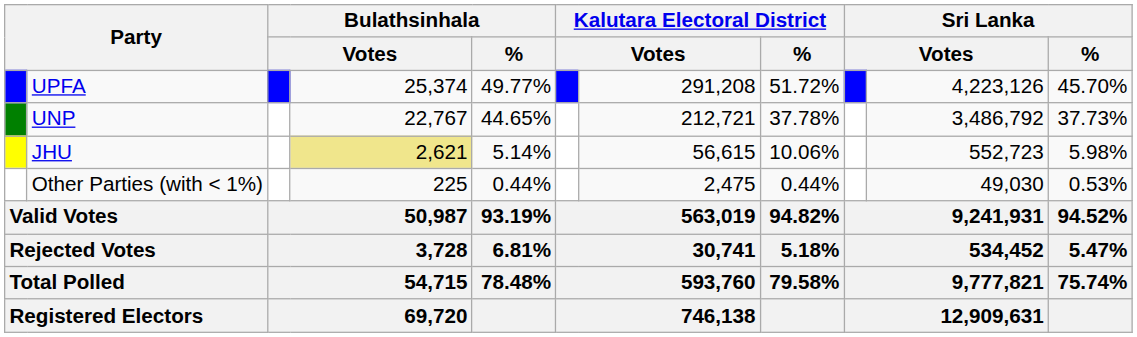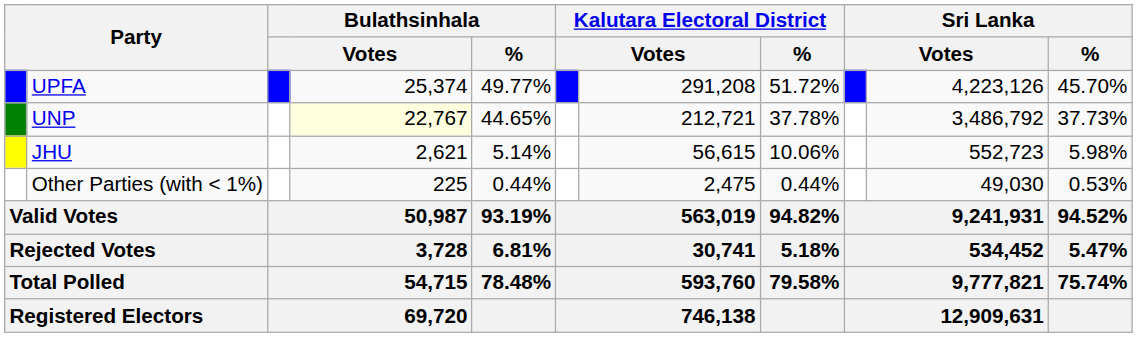 <table class="wikitable">
 <tr>
 <th colspan="2" width="144px"rowspan="2">Party</th>
 <th colspan="3" width="216px">Bulathsinhala</th>
 <th colspan="3" width="216px"><a href='#'>Kalutara Electoral District</a></th>
 <th colspan="3" width="216px">Sri Lanka</th>
 </tr>
 <tr>
 <th colspan="2" width="144px">Votes</th>
 <th>%</th>
 <th colspan="2" width="144px">Votes</th>
 <th>%</th>
 <th colspan="2" width="144px">Votes</th>
 <th>%</th>
 </tr>
 <tr>
 <td style="background-color:blue;" width="10px"></td>
 <td style="text-align:left;"><a href='#'>UPFA</a></td>
 <td style="background-color:blue;" width="10px"></td>
 <td style="text-align:right;">25,374</td>
 <td style="text-align:right;">49.77%</td>
 <td style="background-color:blue;" width="10px"></td>
 <td style="text-align:right;">291,208</td>
 <td style="text-align:right;">51.72%</td>
 <td style="background-color:blue;" width="10px"></td>
 <td style="text-align:right;">4,223,126</td>
 <td style="text-align:right;">45.70%</td>
 </tr>
 <tr>
 <td style="background-color:green;" width="10px"></td>
 <td style="text-align:left;"><a href='#'>UNP</a></td>
 <td style="background-color:white;" width="10px"></td>
-<td style="text-align:right;">22,767</td>
+<td style="background: lightyellow; text-align:right;">22,767</td>
 <td style="text-align:right;">44.65%</td>
 <td style="background-color:white;" width="10px"></td>
 <td style="text-align:right;">212,721</td>
 <td style="text-align:right;">37.78%</td>
 <td style="background-color:white;" width="10px"></td>
 <td style="text-align:right;">3,486,792</td>
 <td style="text-align:right;">37.73%</td>
 </tr>
 <tr>
 <td style="background-color:yellow;" width="10px"></td>
 <td style="text-align:left;"><a href='#'>JHU</a></td>
 <td style="background-color:white;" width="10px"></td>
-<td style="background: khaki; text-align:right;">2,621</td>
+<td style="text-align:right;">2,621</td>
 <td style="text-align:right;">5.14%</td>
 <td style="background-color:white;" width="10px"></td>
 <td style="text-align:right;">56,615</td>
 <td style="text-align:right;">10.06%</td>
 <td style="background-color:white;" width="10px"></td>
 <td style="text-align:right;">552,723</td>
 <td style="text-align:right;">5.98%</td>
 </tr>
 <tr>
 <td style="background-color:white;" width="10px"></td>
 <td style="text-align:left;">Other Parties (with < 1%)</td>
 <td style="background-color:white;" width="10px"></td>
 <td style="text-align:right;">225</td>
 <td style="text-align:right;">0.44%</td>
 <td style="background-color:white;" width="10px"></td>
 <td style="text-align:right;">2,475</td>
 <td style="text-align:right;">0.44%</td>
 <td style="background-color:white;" width="10px"></td>
 <td style="text-align:right;">49,030</td>
 <td style="text-align:right;">0.53%</td>
 </tr>
 <tr>
 <th colspan="2" width="144px"style="text-align:left;">Valid Votes</th>
 <th style="text-align:right;"colspan="2" width="144px">50,987</th>
 <th style="text-align:right;">93.19%</th>
 <th style="text-align:right;"colspan="2" width="144px">563,019</th>
 <th style="text-align:right;">94.82%</th>
 <th style="text-align:right;"colspan="2" width="144px">9,241,931</th>
 <th style="text-align:right;">94.52%</th>
 </tr>
 <tr>
 <th colspan="2" width="144px"style="text-align:left;">Rejected Votes</th>
 <th style="text-align:right;"colspan="2" width="144px">3,728</th>
 <th style="text-align:right;">6.81%</th>
 <th style="text-align:right;"colspan="2" width="144px">30,741</th>
 <th style="text-align:right;">5.18%</th>
 <th style="text-align:right;"colspan="2" width="144px">534,452</th>
 <th style="text-align:right;">5.47%</th>
 </tr>
 <tr>
 <th colspan="2" width="144px"style="text-align:left;">Total Polled</th>
 <th style="text-align:right;"colspan="2" width="144px">54,715</th>
 <th style="text-align:right;">78.48%</th>
 <th style="text-align:right;"colspan="2" width="144px">593,760</th>
 <th style="text-align:right;">79.58%</th>
 <th style="text-align:right;"colspan="2" width="144px">9,777,821</th>
 <th style="text-align:right;">75.74%</th>
 </tr>
 <tr>
 <th colspan="2" width="144px"style="text-align:left;">Registered Electors</th>
 <th style="text-align:right;"colspan="2" width="144px">69,720</th>
 <th></th>
 <th style="text-align:right;"colspan="2" width="144px">746,138</th>
 <th></th>
 <th style="text-align:right;"colspan="2" width="144px">12,909,631</th>
 <th></th>
 </tr>
 </table>
